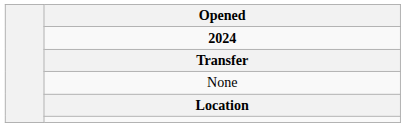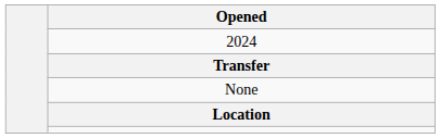 <table class=wikitable style="text-align: center; width: 450px; float:right">
 <tr>
 <th rowspan="6"></th>
 <th>Opened</th>
 </tr>
 <tr>
-<td><strong>2024</strong></td>
+<td>2024</td>
 </tr>
 <tr>
 <th>Transfer</th>
 </tr>
 <tr>
 <td>None</td>
 </tr>
 <tr>
 <th>Location</th>
 </tr>
 <tr>
 <td></td>
 </tr>
 </table>
